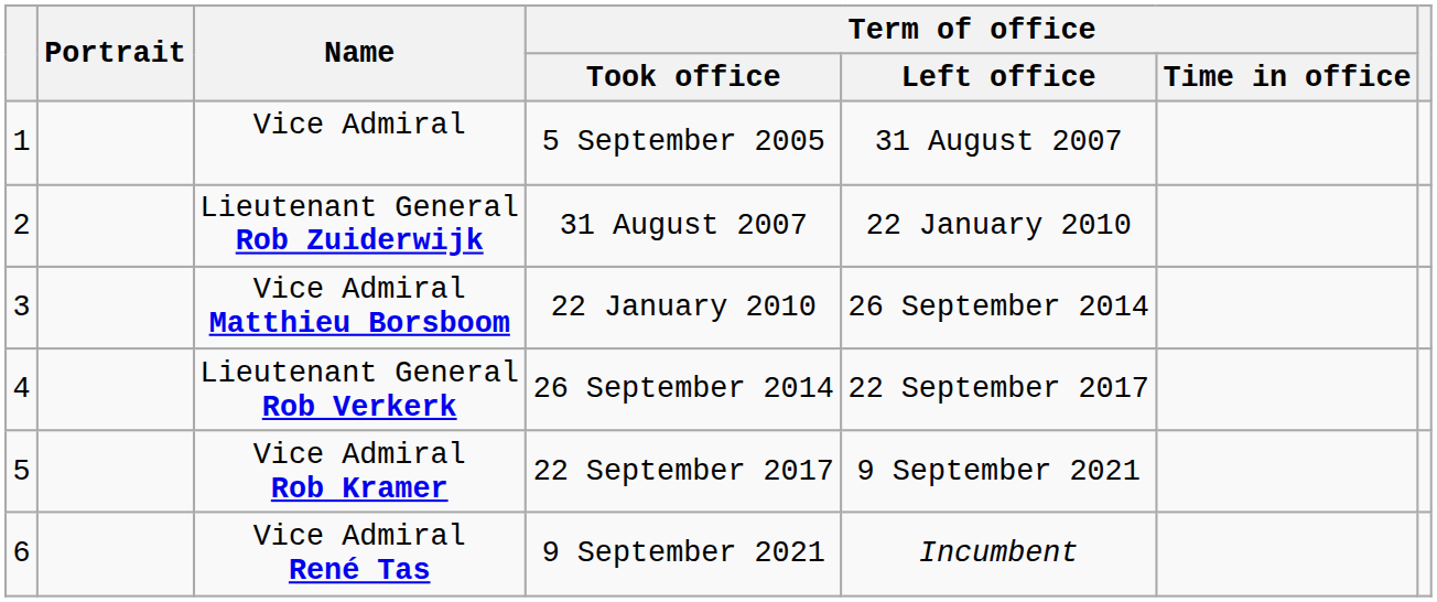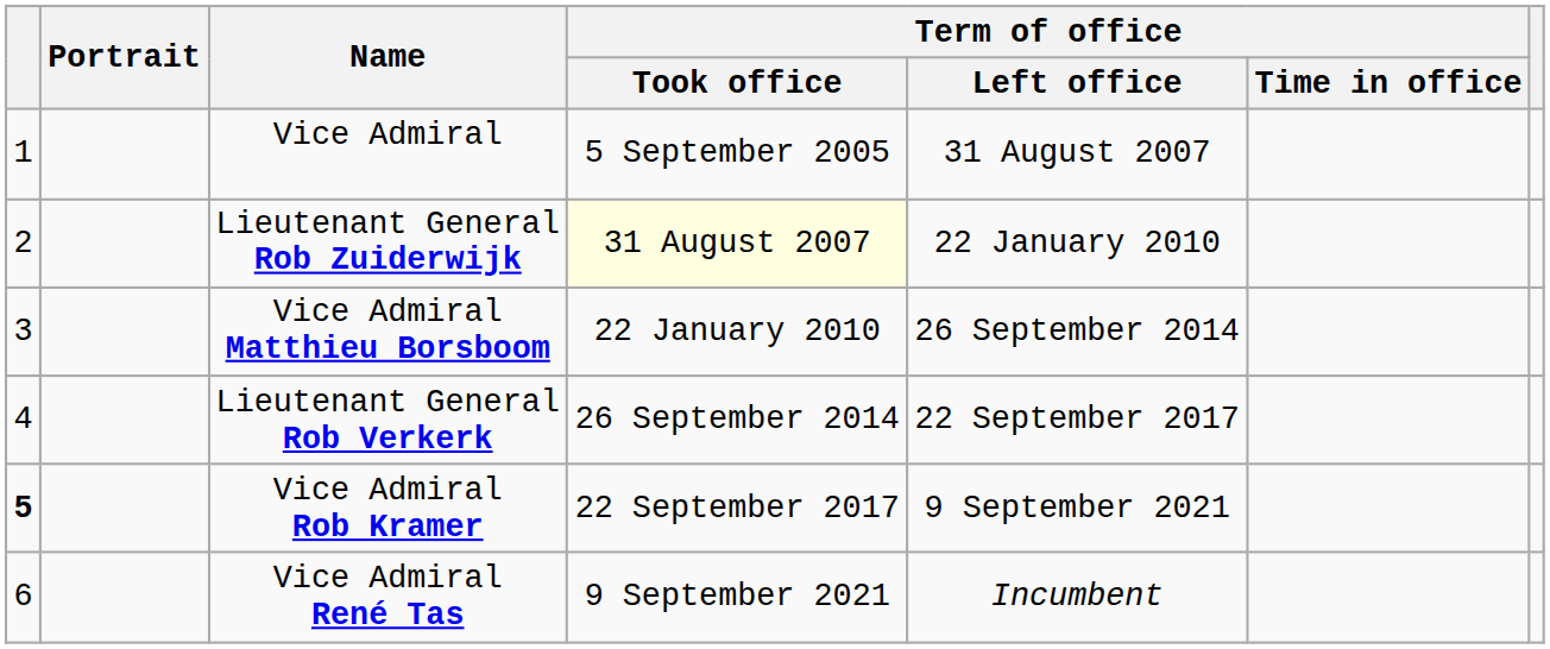 <table class="wikitable" style="text-align:center">
 <tr>
 <th rowspan=2></th>
 <th rowspan=2>Portrait</th>
 <th rowspan=2>Name<br></th>
 <th colspan=3>Term of office</th>
 <th rowspan=2></th>
 </tr>
 <tr>
 <th>Took office</th>
 <th>Left office</th>
 <th>Time in office</th>
 </tr>
 <tr>
 <td>1</td>
 <td></td>
 <td>Vice Admiral<br><strong></strong><br></td>
 <td>5 September 2005</td>
 <td>31 August 2007</td>
 <td></td>
 <td></td>
 </tr>
 <tr>
 <td>2</td>
 <td></td>
 <td>Lieutenant General<br><strong><a href='#'>Rob Zuiderwijk</a></strong><br></td>
-<td>31 August 2007</td>
+<td style="background: lightyellow;">31 August 2007</td>
 <td>22 January 2010</td>
 <td></td>
 <td></td>
 </tr>
 <tr>
 <td>3</td>
 <td></td>
 <td>Vice Admiral<br><strong><a href='#'>Matthieu Borsboom</a></strong><br></td>
 <td>22 January 2010</td>
 <td>26 September 2014</td>
 <td></td>
 <td></td>
 </tr>
 <tr>
 <td>4</td>
 <td></td>
 <td>Lieutenant General<br><strong><a href='#'>Rob Verkerk</a></strong><br></td>
 <td>26 September 2014</td>
 <td>22 September 2017</td>
 <td></td>
 <td></td>
 </tr>
 <tr>
-<td>5</td>
+<td><strong>5</strong></td>
 <td></td>
 <td>Vice Admiral<br><strong><a href='#'>Rob Kramer</a></strong><br></td>
 <td>22 September 2017</td>
 <td>9 September 2021</td>
 <td></td>
 <td></td>
 </tr>
 <tr>
 <td>6</td>
 <td></td>
 <td>Vice Admiral<br><strong><a href='#'>René Tas</a></strong><br></td>
 <td>9 September 2021</td>
 <td><em>Incumbent</em></td>
 <td></td>
 <td></td>
 </tr>
 </table>
